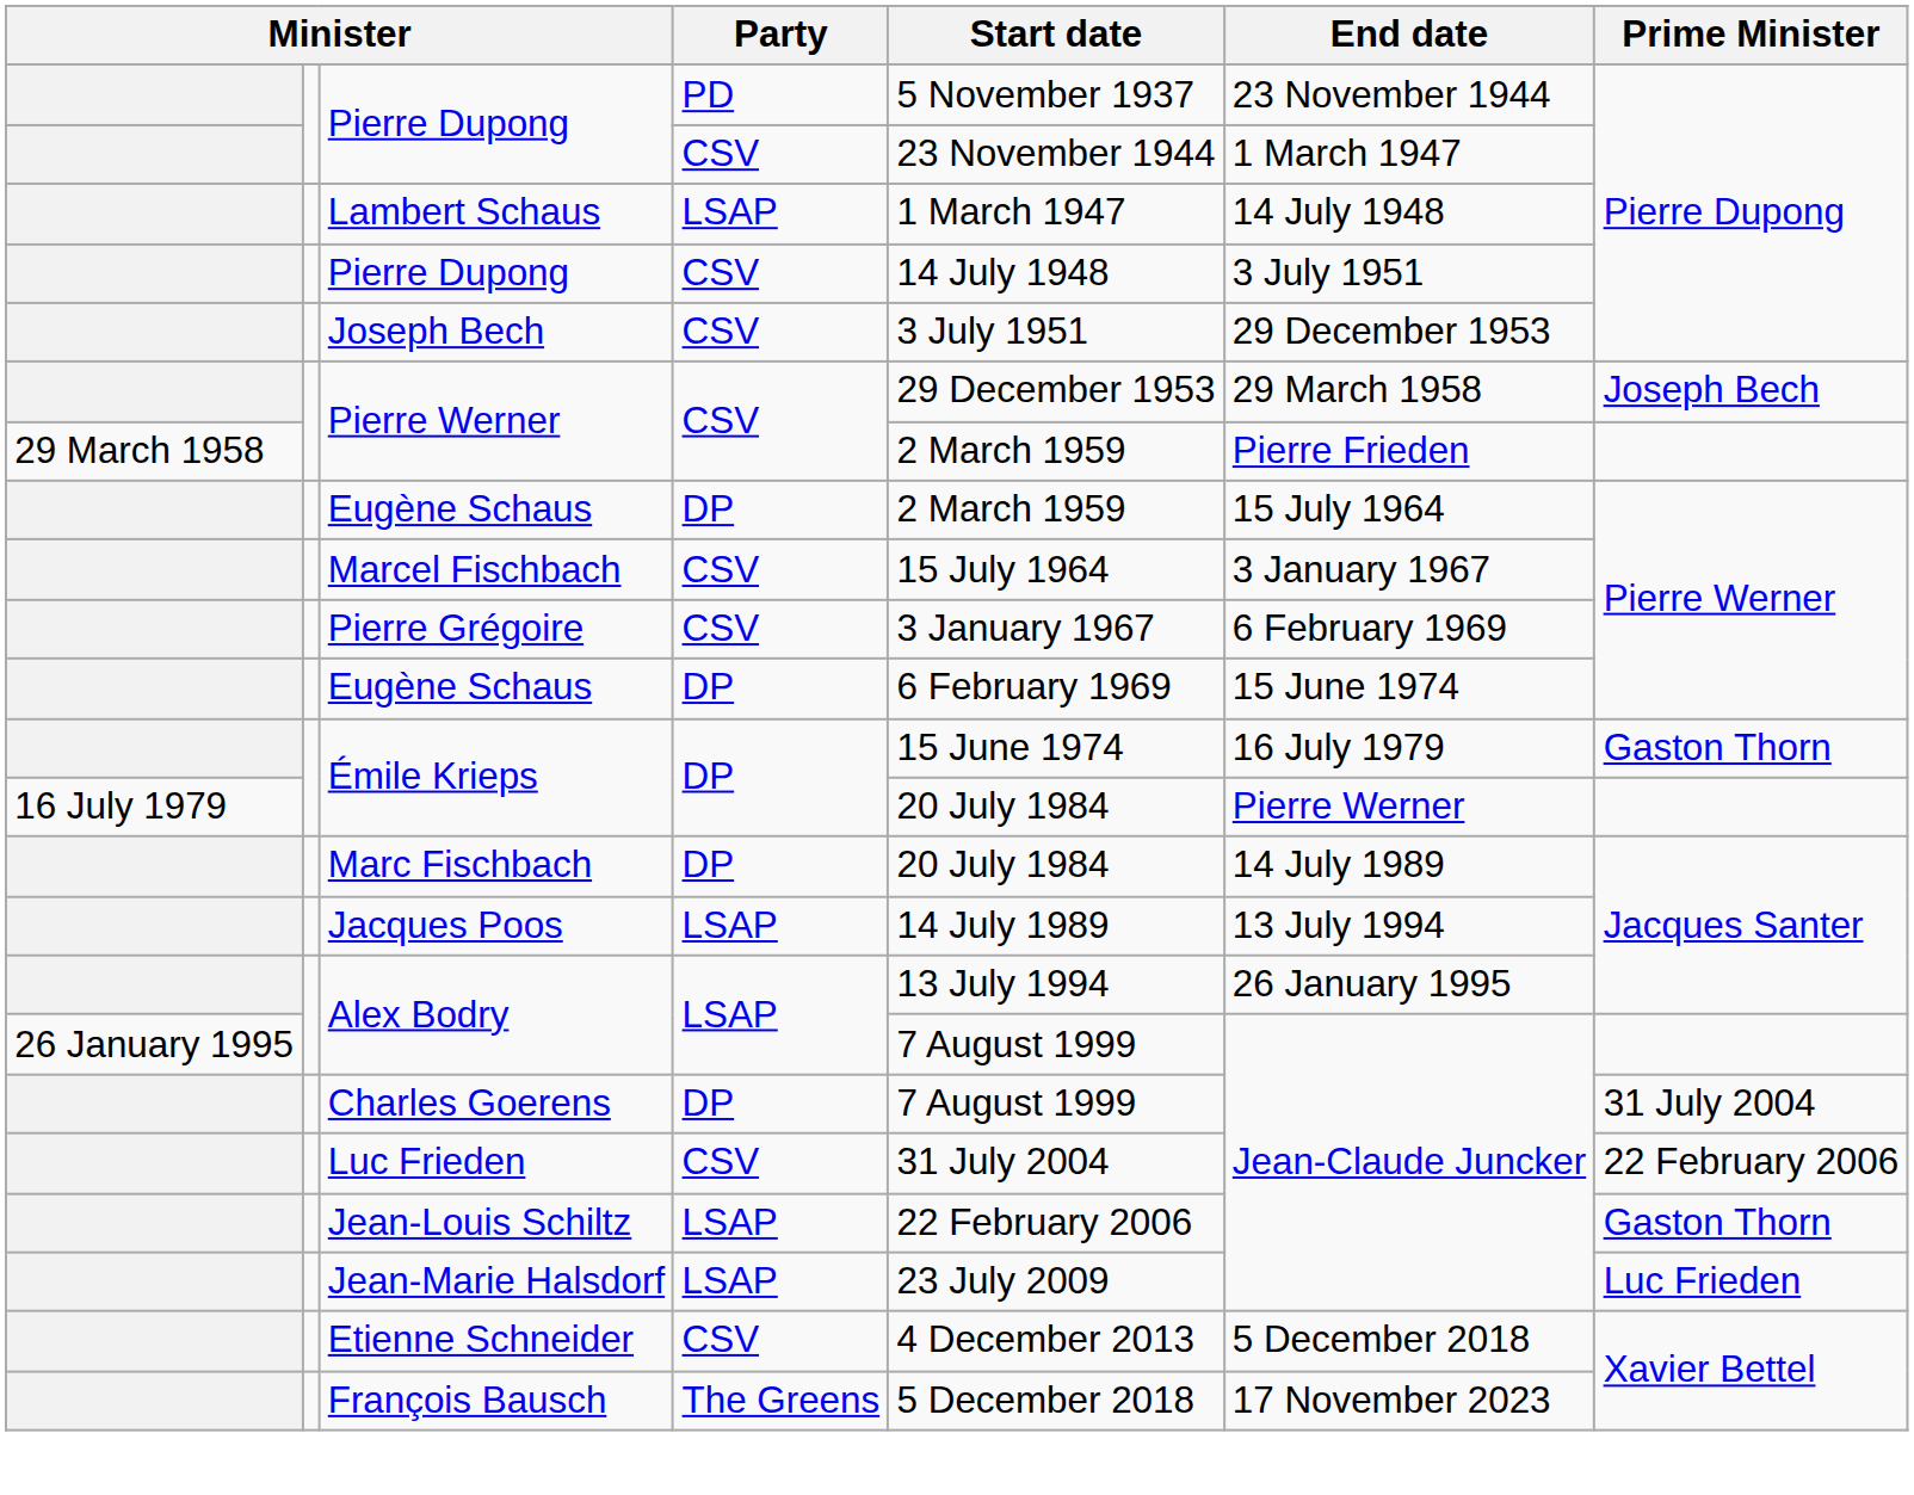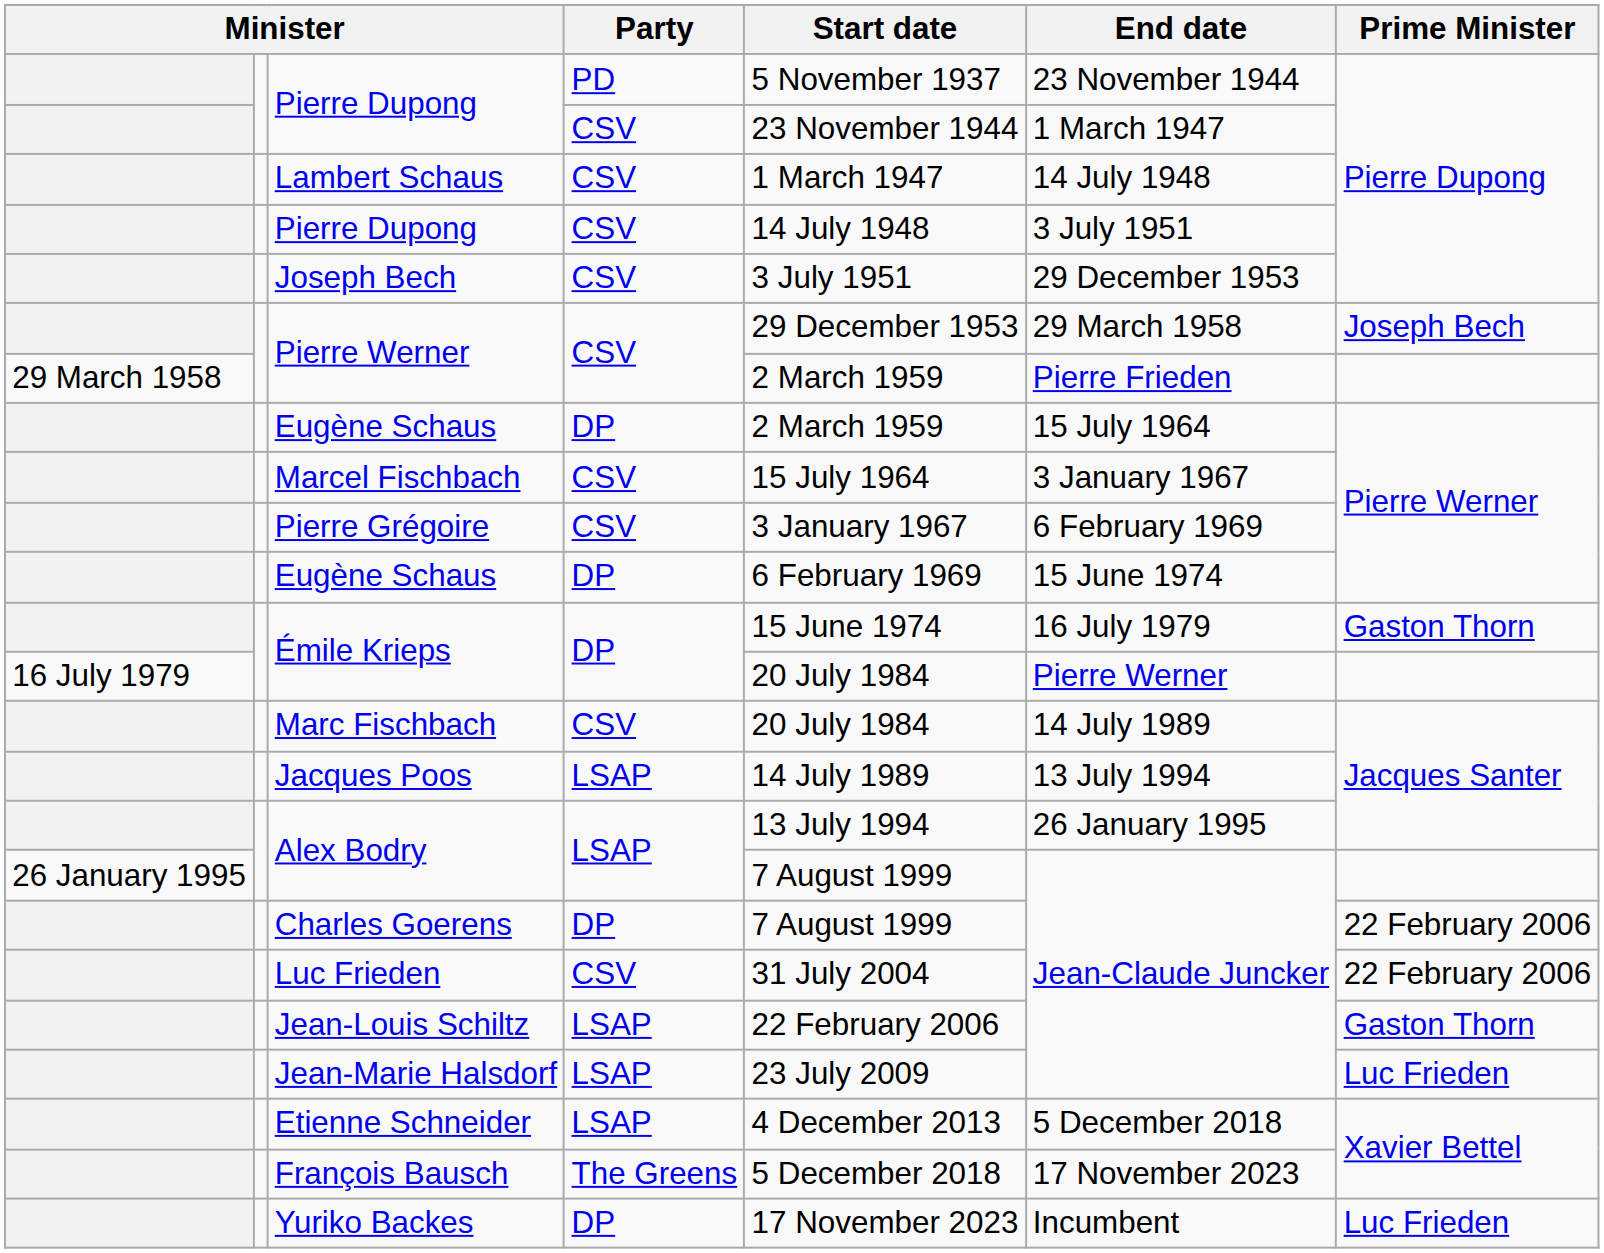 <table class="wikitable">
 <tr style="background: #efefef;">
 <th colspan=3>Minister</th>
 <th>Party</th>
 <th>Start date</th>
 <th>End date</th>
 <th>Prime Minister</th>
 </tr>
 <tr>
 <th style="background-color: "></th>
 <td rowspan=2></td>
 <td rowspan=2><a href='#'>Pierre Dupong</a></td>
 <td><a href='#'>PD</a></td>
 <td>5 November 1937</td>
 <td>23 November 1944</td>
 <td rowspan=5><a href='#'>Pierre Dupong</a></td>
 </tr>
 <tr>
 <th style="background-color: "></th>
 <td><a href='#'>CSV</a></td>
 <td>23 November 1944</td>
 <td>1 March 1947</td>
 </tr>
 <tr>
 <th style="background-color: "></th>
 <td></td>
 <td><a href='#'>Lambert Schaus</a></td>
-<td><a href='#'>LSAP</a></td>
+<td><a href='#'>CSV</a></td>
 <td>1 March 1947</td>
 <td>14 July 1948</td>
 </tr>
 <tr>
 <th style="background-color: "></th>
 <td></td>
 <td><a href='#'>Pierre Dupong</a></td>
 <td><a href='#'>CSV</a></td>
 <td>14 July 1948</td>
 <td>3 July 1951</td>
 </tr>
 <tr>
 <th style="background-color: "></th>
 <td></td>
 <td><a href='#'>Joseph Bech</a></td>
 <td><a href='#'>CSV</a></td>
 <td>3 July 1951</td>
 <td>29 December 1953</td>
 </tr>
 <tr>
 <th style="background-color: "></th>
 <td rowspan=2></td>
 <td rowspan=2><a href='#'>Pierre Werner</a></td>
 <td rowspan=2><a href='#'>CSV</a></td>
 <td>29 December 1953</td>
 <td>29 March 1958</td>
 <td><a href='#'>Joseph Bech</a></td>
 </tr>
 <tr>
 <td>29 March 1958</td>
 <td>2 March 1959</td>
 <td><a href='#'>Pierre Frieden</a></td>
 </tr>
 <tr>
 <th style="background-color: "></th>
 <td></td>
 <td><a href='#'>Eugène Schaus</a></td>
 <td><a href='#'>DP</a></td>
 <td>2 March 1959</td>
 <td>15 July 1964</td>
 <td rowspan=4><a href='#'>Pierre Werner</a></td>
 </tr>
 <tr>
 <th style="background-color: "></th>
 <td></td>
 <td><a href='#'>Marcel Fischbach</a></td>
 <td><a href='#'>CSV</a></td>
 <td>15 July 1964</td>
 <td>3 January 1967</td>
 </tr>
 <tr>
 <th style="background-color: "></th>
 <td></td>
 <td><a href='#'>Pierre Grégoire</a></td>
 <td><a href='#'>CSV</a></td>
 <td>3 January 1967</td>
 <td>6 February 1969</td>
 </tr>
 <tr>
 <th style="background-color: "></th>
 <td></td>
 <td><a href='#'>Eugène Schaus</a></td>
 <td><a href='#'>DP</a></td>
 <td>6 February 1969</td>
 <td>15 June 1974</td>
 </tr>
 <tr>
 <th style="background-color: "></th>
 <td rowspan=2></td>
 <td rowspan=2><a href='#'>Émile Krieps</a></td>
 <td rowspan=2><a href='#'>DP</a></td>
 <td>15 June 1974</td>
 <td>16 July 1979</td>
 <td><a href='#'>Gaston Thorn</a></td>
 </tr>
 <tr>
 <td>16 July 1979</td>
 <td>20 July 1984</td>
 <td><a href='#'>Pierre Werner</a></td>
 </tr>
 <tr>
 <th style="background-color: "></th>
 <td></td>
 <td><a href='#'>Marc Fischbach</a></td>
-<td><a href='#'>DP</a></td>
+<td><a href='#'>CSV</a></td>
 <td>20 July 1984</td>
 <td>14 July 1989</td>
 <td rowspan=3><a href='#'>Jacques Santer</a></td>
 </tr>
 <tr>
 <th style="background-color: "></th>
 <td></td>
 <td><a href='#'>Jacques Poos</a></td>
 <td><a href='#'>LSAP</a></td>
 <td>14 July 1989</td>
 <td>13 July 1994</td>
 </tr>
 <tr>
 <th style="background-color: "></th>
 <td rowspan=2></td>
 <td rowspan=2><a href='#'>Alex Bodry</a></td>
 <td rowspan=2><a href='#'>LSAP</a></td>
 <td>13 July 1994</td>
 <td>26 January 1995</td>
 </tr>
 <tr>
 <td>26 January 1995</td>
 <td>7 August 1999</td>
 <td rowspan=5><a href='#'>Jean-Claude Juncker</a></td>
 </tr>
 <tr>
 <th style="background-color: "></th>
 <td></td>
 <td><a href='#'>Charles Goerens</a></td>
 <td><a href='#'>DP</a></td>
 <td>7 August 1999</td>
-<td>31 July 2004</td>
+<td>22 February 2006</td>
 </tr>
 <tr>
 <th style="background-color: "></th>
 <td></td>
 <td><a href='#'>Luc Frieden</a></td>
 <td><a href='#'>CSV</a></td>
 <td>31 July 2004</td>
 <td>22 February 2006</td>
 </tr>
 <tr>
 <th style="background-color: "></th>
 <td></td>
 <td><a href='#'>Jean-Louis Schiltz</a></td>
 <td><a href='#'>LSAP</a></td>
 <td>22 February 2006</td>
 <td><a href='#'>Gaston Thorn</a></td>
 </tr>
 <tr>
 <th style="background-color: "></th>
 <td></td>
 <td><a href='#'>Jean-Marie Halsdorf</a></td>
 <td><a href='#'>LSAP</a></td>
 <td>23 July 2009</td>
 <td><a href='#'>Luc Frieden</a></td>
 </tr>
 <tr>
 <th style="background-color: "></th>
 <td></td>
 <td><a href='#'>Etienne Schneider</a></td>
-<td><a href='#'>CSV</a></td>
+<td><a href='#'>LSAP</a></td>
 <td>4 December 2013</td>
 <td>5 December 2018</td>
 <td rowspan=2><a href='#'>Xavier Bettel</a></td>
 </tr>
 <tr>
 <th style="background-color: "></th>
 <td></td>
 <td><a href='#'>François Bausch</a></td>
 <td><a href='#'>The Greens</a></td>
 <td>5 December 2018</td>
 <td>17 November 2023</td>
 </tr>
+<tr>
+<th style="background-color: "></th>
+<td></td>
+<td><a href='#'>Yuriko Backes</a></td>
+<td><a href='#'>DP</a></td>
+<td>17 November 2023</td>
+<td>Incumbent</td>
+<td><a href='#'>Luc Frieden</a></td>
+</tr>
 </table>
